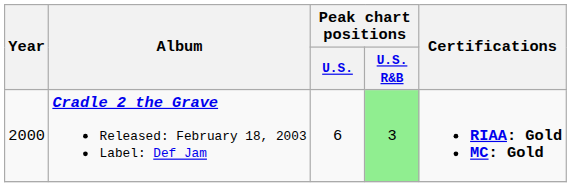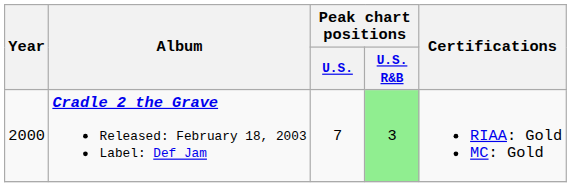 <table class="wikitable">
 <tr>
 <th rowspan="2">Year</th>
 <th rowspan="2">Album</th>
 <th colspan="2">Peak chart positions</th>
 <th rowspan="2">Certifications</th>
 </tr>
 <tr>
 <th width=40><small><a href='#'>U.S.</a></small></th>
 <th width=40><small><a href='#'>U.S. R&B</a></small></th>
 </tr>
 <tr>
 <td>2000</td>
 <td><strong><em><a href='#'>Cradle 2 the Grave</a></em></strong><br><ul><li><small>Released: February 18, 2003</small></li><li><small>Label: <a href='#'>Def Jam</a></small></li></ul></td>
-<td align="center">6</td>
+<td align="center">7</td>
 <td align="center" style="background: lightgreen;">3</td>
-<td><strong><br><ul><li><a href='#'>RIAA</a>: Gold</li><li><a href='#'>MC</a>: Gold</li></ul></strong></td>
+<td><br><ul><li><a href='#'>RIAA</a>: Gold</li><li><a href='#'>MC</a>: Gold</li></ul></td>
 </tr>
 <tr>
 </tr>
 </table>
